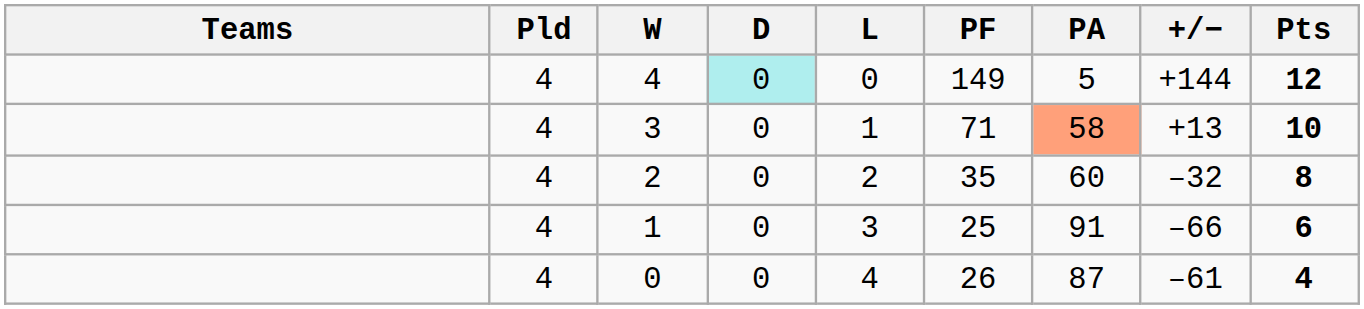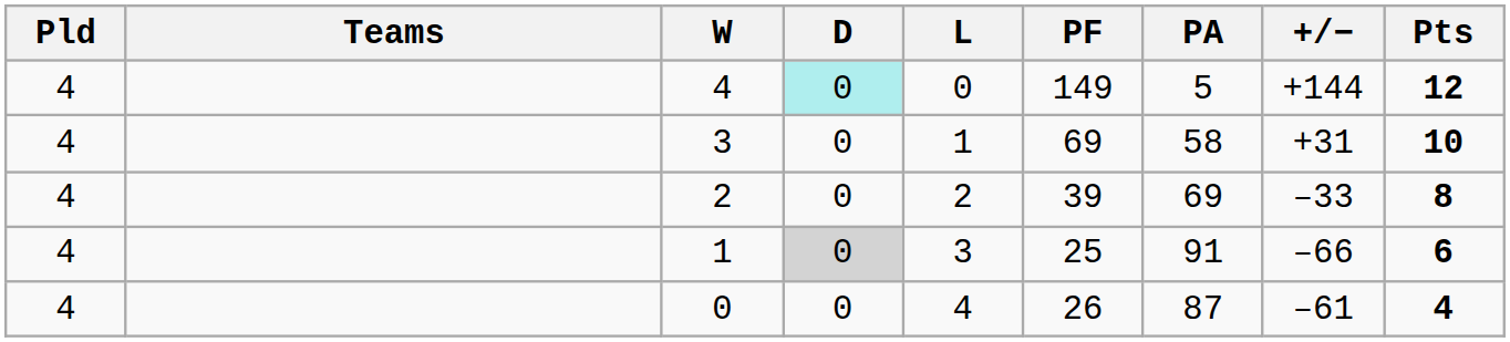 <table class="wikitable" style="text-align: center;">
 <tr>
+<th width="40">Pld</th>
 <th width="200">Teams</th>
-<th width="40">Pld</th>
 <th width="40">W</th>
 <th width="40">D</th>
 <th width="40">L</th>
 <th width="40">PF</th>
 <th width="40">PA</th>
 <th width="40">+/−</th>
 <th width="40">Pts</th>
 </tr>
 <tr>
+<td>4</td>
 <td align="left"></td>
-<td>4</td>
 <td>4</td>
 <td style="background: paleturquoise;">0</td>
 <td>0</td>
 <td>149</td>
 <td>5</td>
 <td>+144</td>
 <td><strong>12</strong></td>
 </tr>
 <tr>
+<td>4</td>
 <td align="left"></td>
-<td>4</td>
 <td>3</td>
 <td>0</td>
 <td>1</td>
-<td>71</td>
-<td style="background: lightsalmon;">58</td>
-<td>+13</td>
+<td>69</td>
+<td>58</td>
+<td>+31</td>
 <td><strong>10</strong></td>
 </tr>
 <tr>
+<td>4</td>
 <td align="left"></td>
-<td>4</td>
 <td>2</td>
 <td>0</td>
 <td>2</td>
-<td>35</td>
-<td>60</td>
-<td>–32</td>
+<td>39</td>
+<td>69</td>
+<td>–33</td>
 <td><strong>8</strong></td>
 </tr>
 <tr>
+<td>4</td>
 <td align="left"></td>
-<td>4</td>
 <td>1</td>
-<td>0</td>
+<td style="background: lightgrey;">0</td>
 <td>3</td>
 <td>25</td>
 <td>91</td>
 <td>–66</td>
 <td><strong>6</strong></td>
 </tr>
 <tr>
+<td>4</td>
 <td align="left"></td>
-<td>4</td>
 <td>0</td>
 <td>0</td>
 <td>4</td>
 <td>26</td>
 <td>87</td>
 <td>–61</td>
 <td><strong>4</strong></td>
 </tr>
 </table>
